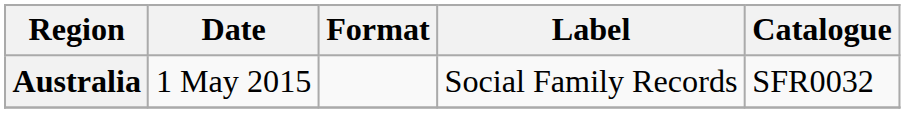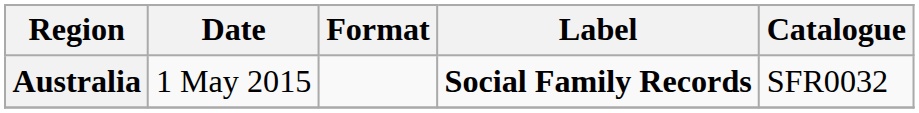 <table class="wikitable plainrowheaders">
 <tr>
 <th scope="col">Region</th>
 <th scope="col">Date</th>
 <th scope="col">Format</th>
 <th scope="col">Label</th>
 <th scope="col">Catalogue</th>
 </tr>
 <tr>
 <th scope="row">Australia</th>
 <td>1 May 2015</td>
 <td></td>
-<td>Social Family Records</td>
+<td><strong>Social Family Records</strong></td>
 <td>SFR0032</td>
 </tr>
 <tr>
 </tr>
 </table>
